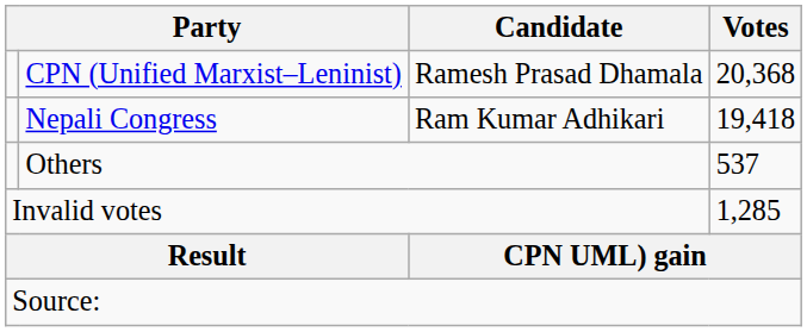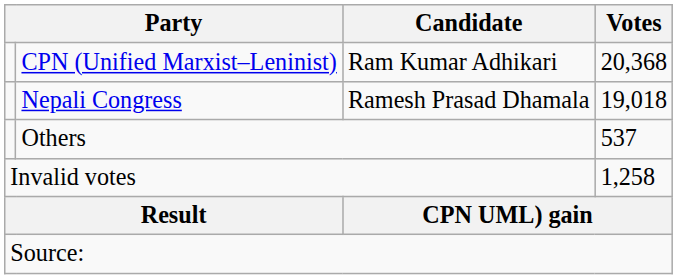 <table class="wikitable">
 <tr>
 <th colspan="2">Party</th>
 <th>Candidate</th>
 <th>Votes</th>
 </tr>
 <tr>
 <td style="background-color:"></td>
 <td><a href='#'>CPN (Unified Marxist–Leninist)</a></td>
-<td>Ramesh Prasad Dhamala</td>
+<td>Ram Kumar Adhikari</td>
 <td>20,368</td>
 </tr>
 <tr>
 <td style="background-color:"></td>
 <td><a href='#'>Nepali Congress</a></td>
-<td>Ram Kumar Adhikari</td>
-<td>19,418</td>
+<td>Ramesh Prasad Dhamala</td>
+<td>19,018</td>
 </tr>
 <tr>
 <td></td>
 <td colspan="2">Others</td>
 <td>537</td>
 </tr>
 <tr>
 <td colspan="3">Invalid votes</td>
-<td>1,285</td>
+<td>1,258</td>
 </tr>
 <tr>
 <th colspan="2">Result</th>
 <th colspan="2">CPN UML) gain</th>
 </tr>
 <tr>
 <td colspan="4">Source: </td>
 </tr>
 </table>
